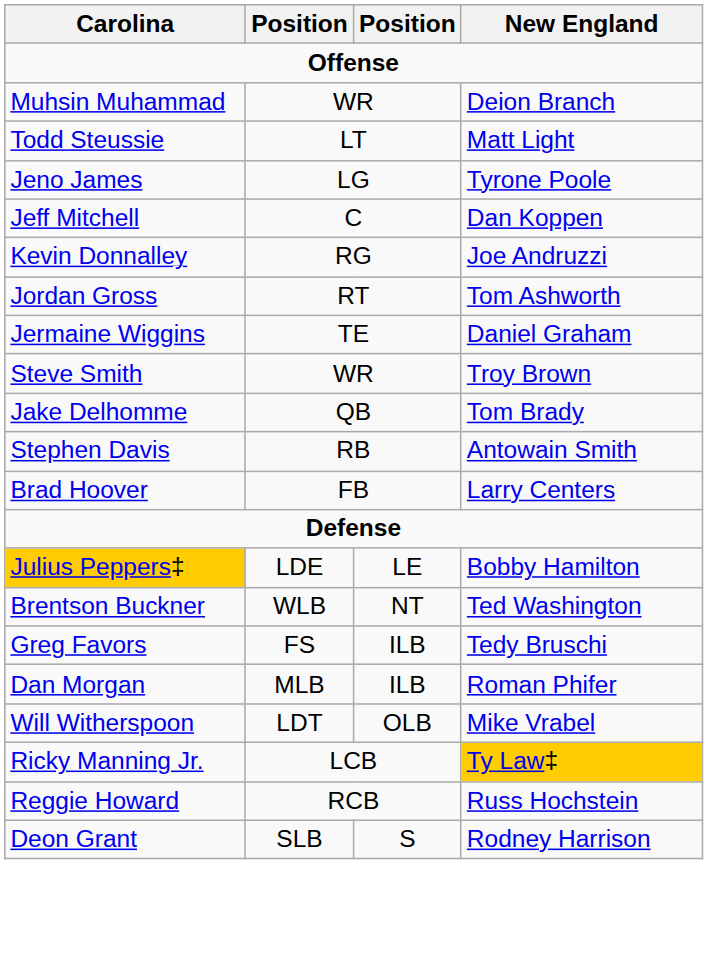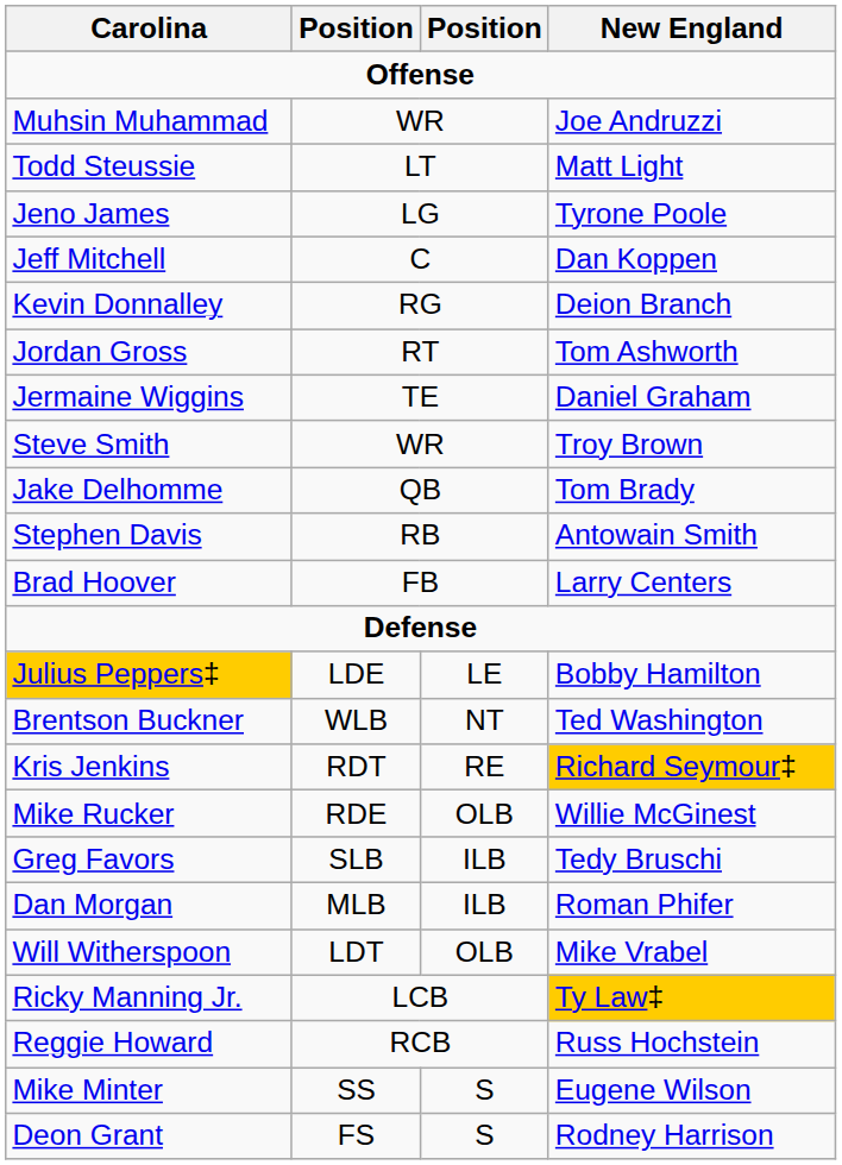 <table class="wikitable">
 <tr>
 <th width="150px">Carolina</th>
 <th>Position</th>
 <th>Position</th>
 <th width="150px">New England</th>
 </tr>
 <tr>
 <td colspan="4" style="text-align:center;"><strong>Offense</strong></td>
 </tr>
 <tr>
 <td><a href='#'>Muhsin Muhammad</a></td>
 <td colspan="2" style="text-align:center">WR</td>
-<td><a href='#'>Deion Branch</a></td>
+<td><a href='#'>Joe Andruzzi</a></td>
 </tr>
 <tr>
 <td><a href='#'>Todd Steussie</a></td>
 <td colspan="2" style="text-align:center">LT</td>
 <td><a href='#'>Matt Light</a></td>
 </tr>
 <tr>
 <td><a href='#'>Jeno James</a></td>
 <td colspan="2" style="text-align:center">LG</td>
 <td><a href='#'>Tyrone Poole</a></td>
 </tr>
 <tr>
 <td><a href='#'>Jeff Mitchell</a></td>
 <td colspan="2" style="text-align:center">C</td>
 <td><a href='#'>Dan Koppen</a></td>
 </tr>
 <tr>
 <td><a href='#'>Kevin Donnalley</a></td>
 <td colspan="2" style="text-align:center">RG</td>
-<td><a href='#'>Joe Andruzzi</a></td>
+<td><a href='#'>Deion Branch</a></td>
 </tr>
 <tr>
 <td><a href='#'>Jordan Gross</a></td>
 <td colspan="2" style="text-align:center">RT</td>
 <td><a href='#'>Tom Ashworth</a></td>
 </tr>
 <tr>
 <td><a href='#'>Jermaine Wiggins</a></td>
 <td colspan="2" style="text-align:center">TE</td>
 <td><a href='#'>Daniel Graham</a></td>
 </tr>
 <tr>
 <td><a href='#'>Steve Smith</a></td>
 <td colspan="2" style="text-align:center">WR</td>
 <td><a href='#'>Troy Brown</a></td>
 </tr>
 <tr>
 <td><a href='#'>Jake Delhomme</a></td>
 <td colspan="2" style="text-align:center">QB</td>
 <td><a href='#'>Tom Brady</a></td>
 </tr>
 <tr>
 <td><a href='#'>Stephen Davis</a></td>
 <td colspan="2" style="text-align:center">RB</td>
 <td><a href='#'>Antowain Smith</a></td>
 </tr>
 <tr>
 <td><a href='#'>Brad Hoover</a></td>
 <td colspan="2" style="text-align:center">FB</td>
 <td><a href='#'>Larry Centers</a></td>
 </tr>
 <tr>
 <td colspan="4" style="text-align:center"><strong>Defense</strong></td>
 </tr>
 <tr>
 <td style="background:#fc0;"><a href='#'>Julius Peppers</a>‡</td>
 <td style="text-align:center">LDE</td>
 <td style="text-align:center">LE</td>
 <td><a href='#'>Bobby Hamilton</a></td>
 </tr>
 <tr>
 <td><a href='#'>Brentson Buckner</a></td>
 <td style="text-align:center">WLB</td>
 <td style="text-align:center">NT</td>
 <td><a href='#'>Ted Washington</a></td>
 </tr>
 <tr>
+<td><a href='#'>Kris Jenkins</a></td>
+<td style="text-align:center">RDT</td>
+<td style="text-align:center">RE</td>
+<td bgcolor="#FFCC00"><a href='#'>Richard Seymour</a>‡</td>
+</tr>
+<tr>
+<td><a href='#'>Mike Rucker</a></td>
+<td style="text-align:center">RDE</td>
+<td style="text-align:center">OLB</td>
+<td><a href='#'>Willie McGinest</a></td>
+</tr>
+<tr>
 <td><a href='#'>Greg Favors</a></td>
-<td style="text-align:center">FS</td>
+<td style="text-align:center">SLB</td>
 <td style="text-align:center">ILB</td>
 <td><a href='#'>Tedy Bruschi</a></td>
 </tr>
 <tr>
 <td><a href='#'>Dan Morgan</a></td>
 <td style="text-align:center">MLB</td>
 <td style="text-align:center">ILB</td>
 <td><a href='#'>Roman Phifer</a></td>
 </tr>
 <tr>
 <td><a href='#'>Will Witherspoon</a></td>
 <td style="text-align:center">LDT</td>
 <td style="text-align:center">OLB</td>
 <td><a href='#'>Mike Vrabel</a></td>
 </tr>
 <tr>
 <td><a href='#'>Ricky Manning Jr.</a></td>
 <td colspan="2" style="text-align:center">LCB</td>
 <td bgcolor="#ffcc00"><a href='#'>Ty Law</a>‡</td>
 </tr>
 <tr>
 <td><a href='#'>Reggie Howard</a></td>
 <td colspan="2" style="text-align:center">RCB</td>
 <td><a href='#'>Russ Hochstein</a></td>
 </tr>
 <tr>
+<td><a href='#'>Mike Minter</a></td>
+<td style="text-align:center">SS</td>
+<td style="text-align:center">S</td>
+<td><a href='#'>Eugene Wilson</a></td>
+</tr>
+<tr>
 <td><a href='#'>Deon Grant</a></td>
-<td style="text-align:center">SLB</td>
+<td style="text-align:center">FS</td>
 <td style="text-align:center">S</td>
 <td><a href='#'>Rodney Harrison</a></td>
 </tr>
 </table>
